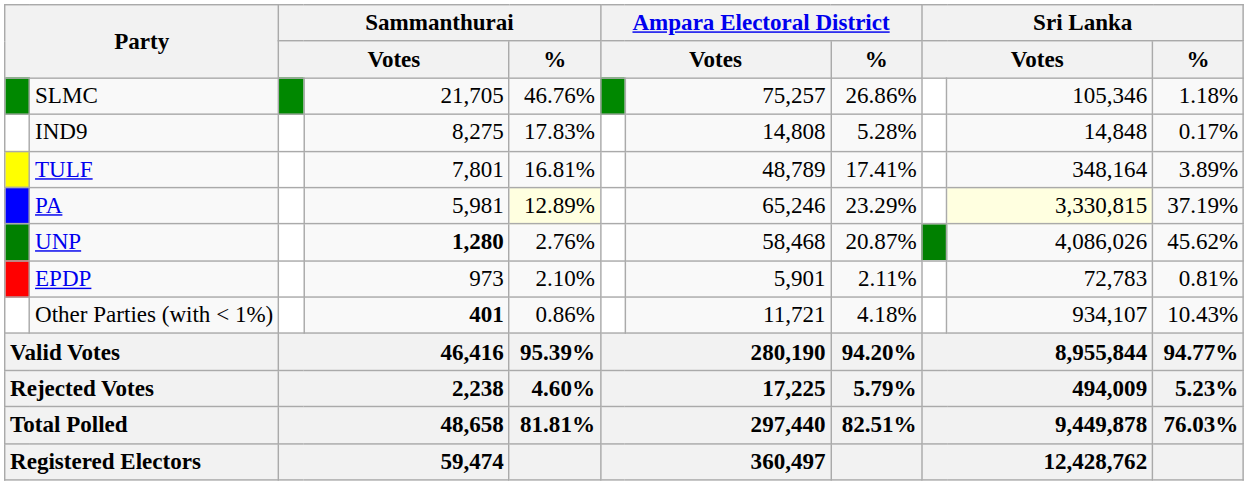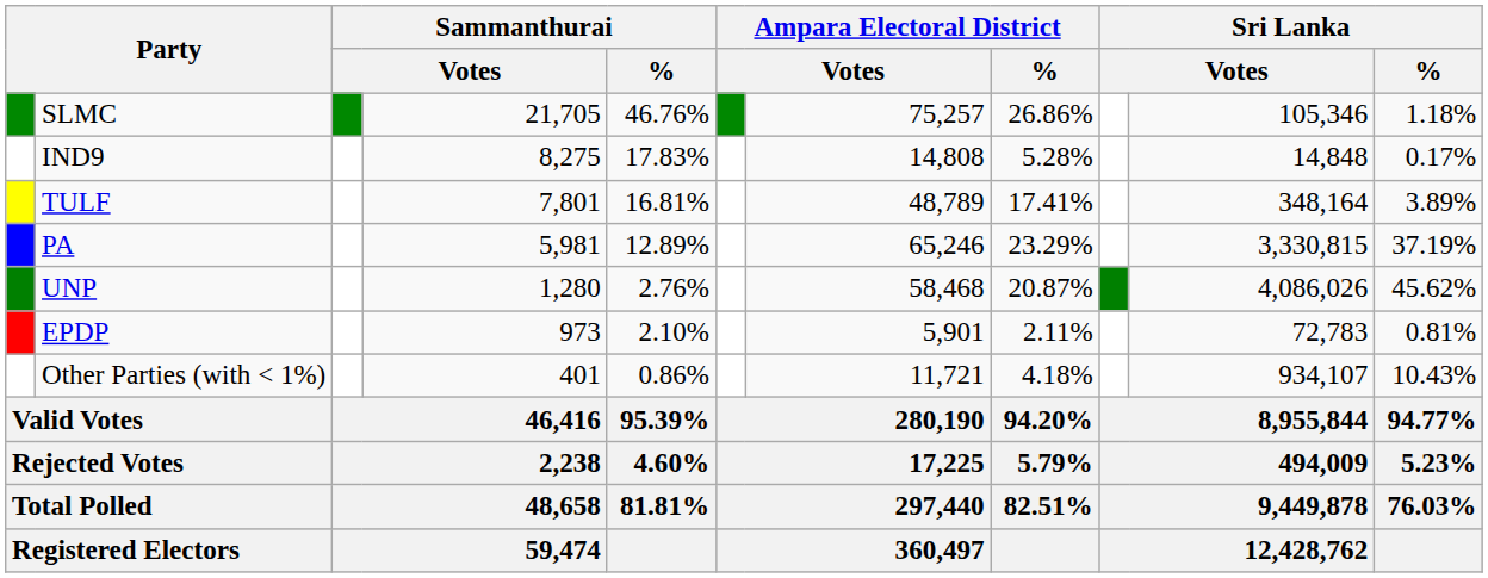 <table class="wikitable">
 <tr>
 <th colspan="2" width="144px"rowspan="2">Party</th>
 <th colspan="3" width="216px">Sammanthurai</th>
 <th colspan="3" width="216px"><a href='#'>Ampara Electoral District</a></th>
 <th colspan="3" width="216px">Sri Lanka</th>
 </tr>
 <tr>
 <th colspan="2" width="144px">Votes</th>
 <th>%</th>
 <th colspan="2" width="144px">Votes</th>
 <th>%</th>
 <th colspan="2" width="144px">Votes</th>
 <th>%</th>
 </tr>
 <tr>
 <td style="background-color:#008800;" width="10px"></td>
 <td style="text-align:left;">SLMC</td>
 <td style="background-color:#008800;" width="10px"></td>
 <td style="text-align:right;">21,705</td>
 <td style="text-align:right;">46.76%</td>
 <td style="background-color:#008800;" width="10px"></td>
 <td style="text-align:right;">75,257</td>
 <td style="text-align:right;">26.86%</td>
 <td style="background-color:white;" width="10px"></td>
 <td style="text-align:right;">105,346</td>
 <td style="text-align:right;">1.18%</td>
 </tr>
 <tr>
 <td style="background-color:white;" width="10px"></td>
 <td style="text-align:left;">IND9</td>
 <td style="background-color:white;" width="10px"></td>
 <td style="text-align:right;">8,275</td>
 <td style="text-align:right;">17.83%</td>
 <td style="background-color:white;" width="10px"></td>
 <td style="text-align:right;">14,808</td>
 <td style="text-align:right;">5.28%</td>
 <td style="background-color:white;" width="10px"></td>
 <td style="text-align:right;">14,848</td>
 <td style="text-align:right;">0.17%</td>
 </tr>
 <tr>
 <td style="background-color:yellow;" width="10px"></td>
 <td style="text-align:left;"><a href='#'>TULF</a></td>
 <td style="background-color:white;" width="10px"></td>
 <td style="text-align:right;">7,801</td>
 <td style="text-align:right;">16.81%</td>
 <td style="background-color:white;" width="10px"></td>
 <td style="text-align:right;">48,789</td>
 <td style="text-align:right;">17.41%</td>
 <td style="background-color:white;" width="10px"></td>
 <td style="text-align:right;">348,164</td>
 <td style="text-align:right;">3.89%</td>
 </tr>
 <tr>
 <td style="background-color:blue;" width="10px"></td>
 <td style="text-align:left;"><a href='#'>PA</a></td>
 <td style="background-color:white;" width="10px"></td>
 <td style="text-align:right;">5,981</td>
-<td style="background: lightyellow; text-align:right;">12.89%</td>
+<td style="text-align:right;">12.89%</td>
 <td style="background-color:white;" width="10px"></td>
 <td style="text-align:right;">65,246</td>
 <td style="text-align:right;">23.29%</td>
 <td style="background-color:white;" width="10px"></td>
-<td style="background: lightyellow; text-align:right;">3,330,815</td>
+<td style="text-align:right;">3,330,815</td>
 <td style="text-align:right;">37.19%</td>
 </tr>
 <tr>
 <td style="background-color:green;" width="10px"></td>
 <td style="text-align:left;"><a href='#'>UNP</a></td>
 <td style="background-color:white;" width="10px"></td>
-<td style="text-align:right;"><strong>1,280</strong></td>
+<td style="text-align:right;">1,280</td>
 <td style="text-align:right;">2.76%</td>
 <td style="background-color:white;" width="10px"></td>
 <td style="text-align:right;">58,468</td>
 <td style="text-align:right;">20.87%</td>
 <td style="background-color:green;" width="10px"></td>
 <td style="text-align:right;">4,086,026</td>
 <td style="text-align:right;">45.62%</td>
 </tr>
 <tr>
 <td style="background-color:red;" width="10px"></td>
 <td style="text-align:left;"><a href='#'>EPDP</a></td>
 <td style="background-color:white;" width="10px"></td>
 <td style="text-align:right;">973</td>
 <td style="text-align:right;">2.10%</td>
 <td style="background-color:white;" width="10px"></td>
 <td style="text-align:right;">5,901</td>
 <td style="text-align:right;">2.11%</td>
 <td style="background-color:white;" width="10px"></td>
 <td style="text-align:right;">72,783</td>
 <td style="text-align:right;">0.81%</td>
 </tr>
 <tr>
 <td style="background-color:white;" width="10px"></td>
 <td style="text-align:left;">Other Parties (with < 1%)</td>
 <td style="background-color:white;" width="10px"></td>
-<td style="text-align:right;"><strong>401</strong></td>
+<td style="text-align:right;">401</td>
 <td style="text-align:right;">0.86%</td>
 <td style="background-color:white;" width="10px"></td>
 <td style="text-align:right;">11,721</td>
 <td style="text-align:right;">4.18%</td>
 <td style="background-color:white;" width="10px"></td>
 <td style="text-align:right;">934,107</td>
 <td style="text-align:right;">10.43%</td>
 </tr>
 <tr>
 <th colspan="2" width="144px"style="text-align:left;">Valid Votes</th>
 <th style="text-align:right;"colspan="2" width="144px">46,416</th>
 <th style="text-align:right;">95.39%</th>
 <th style="text-align:right;"colspan="2" width="144px">280,190</th>
 <th style="text-align:right;">94.20%</th>
 <th style="text-align:right;"colspan="2" width="144px">8,955,844</th>
 <th style="text-align:right;">94.77%</th>
 </tr>
 <tr>
 <th colspan="2" width="144px"style="text-align:left;">Rejected Votes</th>
 <th style="text-align:right;"colspan="2" width="144px">2,238</th>
 <th style="text-align:right;">4.60%</th>
 <th style="text-align:right;"colspan="2" width="144px">17,225</th>
 <th style="text-align:right;">5.79%</th>
 <th style="text-align:right;"colspan="2" width="144px">494,009</th>
 <th style="text-align:right;">5.23%</th>
 </tr>
 <tr>
 <th colspan="2" width="144px"style="text-align:left;">Total Polled</th>
 <th style="text-align:right;"colspan="2" width="144px">48,658</th>
 <th style="text-align:right;">81.81%</th>
 <th style="text-align:right;"colspan="2" width="144px">297,440</th>
 <th style="text-align:right;">82.51%</th>
 <th style="text-align:right;"colspan="2" width="144px">9,449,878</th>
 <th style="text-align:right;">76.03%</th>
 </tr>
 <tr>
 <th colspan="2" width="144px"style="text-align:left;">Registered Electors</th>
 <th style="text-align:right;"colspan="2" width="144px">59,474</th>
 <th></th>
 <th style="text-align:right;"colspan="2" width="144px">360,497</th>
 <th></th>
 <th style="text-align:right;"colspan="2" width="144px">12,428,762</th>
 <th></th>
 </tr>
 </table>
